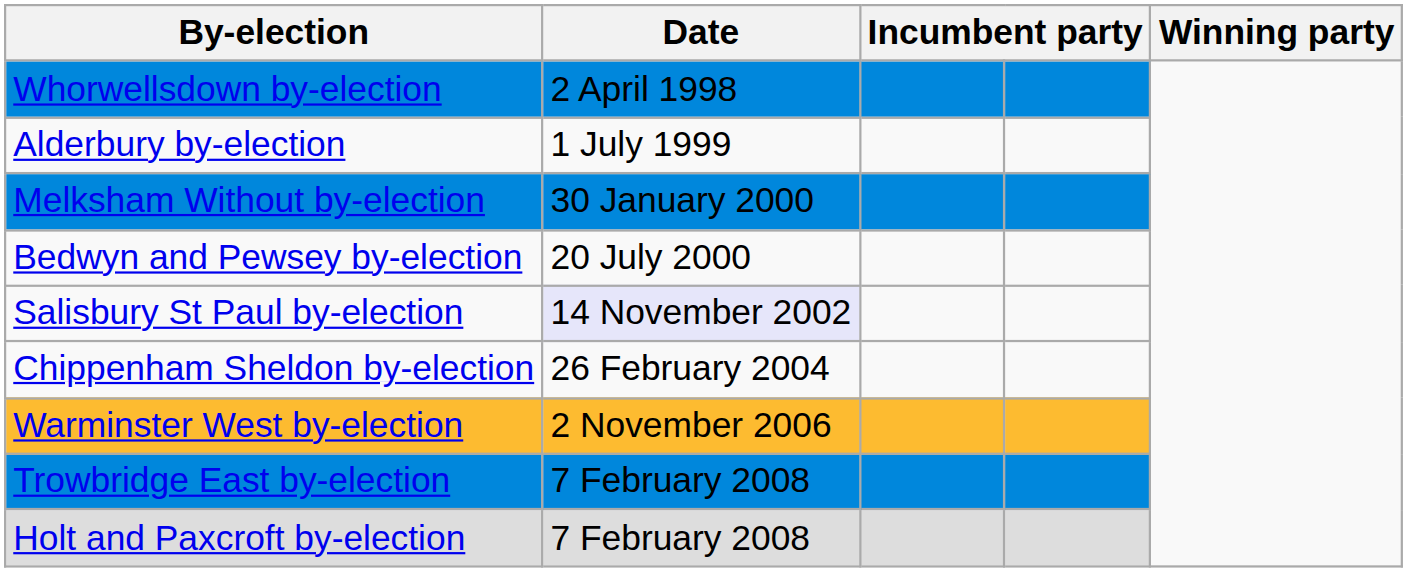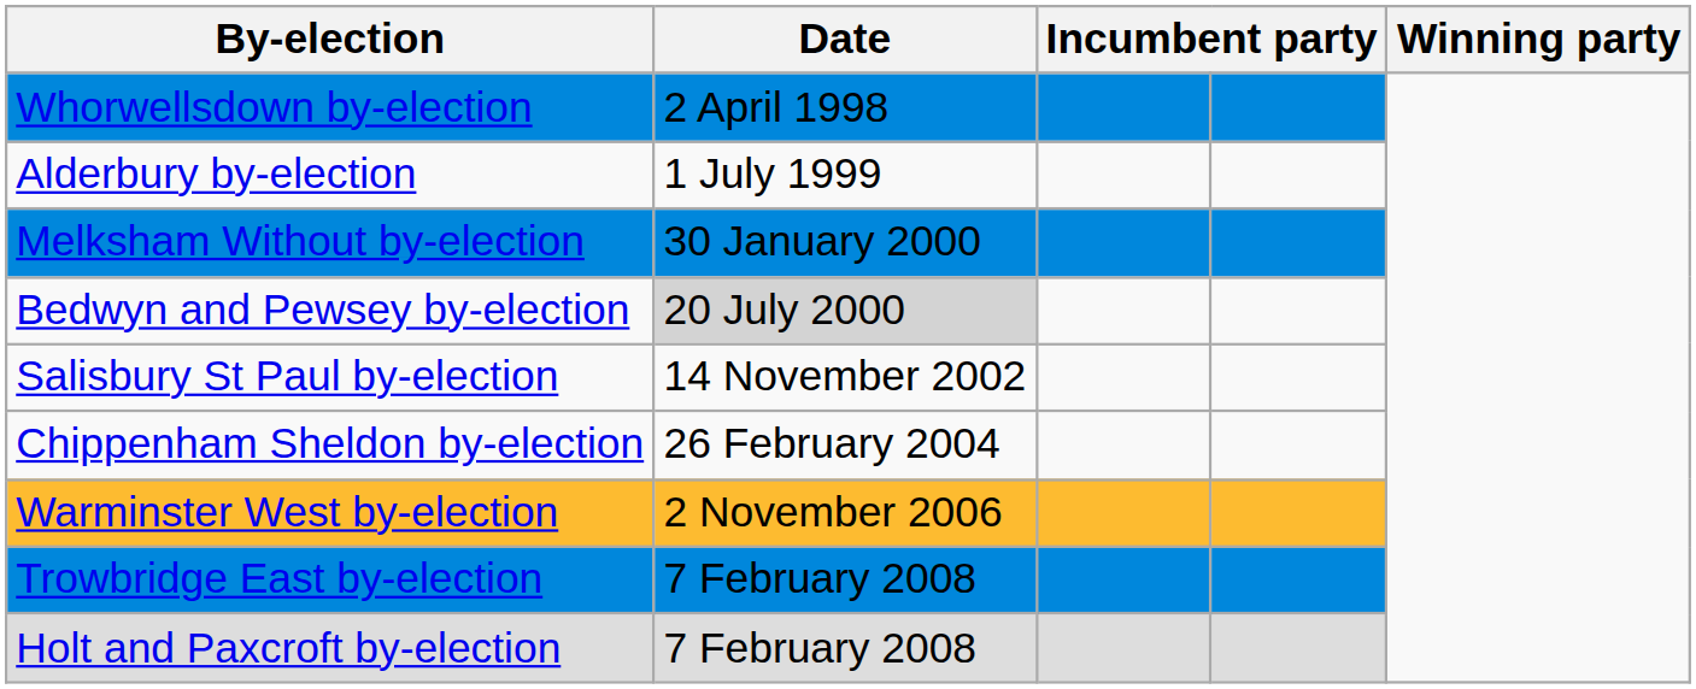 <table class="wikitable">
 <tr>
 <th>By-election</th>
 <th>Date</th>
 <th colspan=2>Incumbent party</th>
 <th colspan=2>Winning party</th>
 </tr>
 <tr bgcolor=#0087DC>
 <td><a href='#'>Whorwellsdown by-election</a></td>
 <td>2 April 1998</td>
 <td></td>
 <td></td>
 </tr>
 <tr>
 <td><a href='#'>Alderbury by-election</a></td>
 <td>1 July 1999</td>
 <td></td>
 <td></td>
 </tr>
 <tr bgcolor=#0087DC>
 <td><a href='#'>Melksham Without by-election</a></td>
 <td>30 January 2000</td>
 <td></td>
 <td></td>
 </tr>
 <tr>
 <td><a href='#'>Bedwyn and Pewsey by-election</a></td>
-<td>20 July 2000</td>
+<td style="background: lightgrey;">20 July 2000</td>
 <td></td>
 <td></td>
 </tr>
 <tr>
 <td><a href='#'>Salisbury St Paul by-election</a></td>
-<td style="background: lavender;">14 November 2002</td>
+<td>14 November 2002</td>
 <td></td>
 <td></td>
 </tr>
 <tr>
 <td><a href='#'>Chippenham Sheldon by-election</a></td>
 <td>26 February 2004</td>
 <td></td>
 <td></td>
 </tr>
 <tr bgcolor=#fdbb30>
 <td><a href='#'>Warminster West by-election</a></td>
 <td>2 November 2006</td>
 <td></td>
 <td></td>
 </tr>
 <tr bgcolor=#0087DC>
 <td><a href='#'>Trowbridge East by-election</a></td>
 <td>7 February 2008</td>
 <td></td>
 <td></td>
 </tr>
 <tr bgcolor=#DDDDDD>
 <td><a href='#'>Holt and Paxcroft by-election</a></td>
 <td>7 February 2008</td>
 <td></td>
 <td></td>
 </tr>
 </table>
